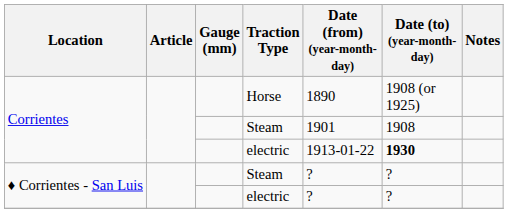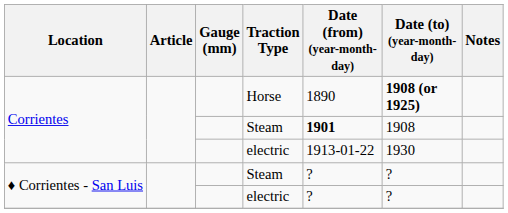 <table class="wikitable sortable">
 <tr>
 <th>Location</th>
 <th>Article</th>
 <th>Gauge<br> (mm)</th>
 <th>Traction<br>Type</th>
 <th width=80px>Date (from)<br><small>(year-month-day)</small></th>
 <th width=80px>Date (to)<br><small>(year-month-day)</small></th>
 <th>Notes</th>
 </tr>
 <tr>
 <td rowspan="3"><a href='#'>Corrientes</a></td>
 <td rowspan="3"> </td>
 <td align=right></td>
 <td>Horse</td>
 <td>1890</td>
-<td>1908 (or 1925)</td>
+<td><strong>1908 (or 1925)</strong></td>
 <td> </td>
 </tr>
 <tr>
 <td align=right></td>
 <td>Steam</td>
-<td>1901</td>
+<td><strong>1901</strong></td>
 <td>1908</td>
 <td> </td>
 </tr>
 <tr>
 <td align=right></td>
 <td>electric</td>
 <td>1913-01-22</td>
-<td><strong>1930</strong></td>
+<td>1930</td>
 <td> </td>
 </tr>
 <tr>
 <td rowspan="2">♦ Corrientes - <a href='#'>San Luis</a></td>
 <td rowspan="2"> </td>
 <td align=right></td>
 <td>Steam</td>
 <td>?</td>
 <td>?</td>
 <td> </td>
 </tr>
 <tr>
 <td align=right></td>
 <td>electric</td>
 <td>?</td>
 <td>?</td>
 <td> </td>
 </tr>
 <tr>
 </tr>
 </table>
